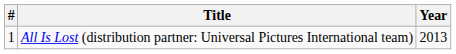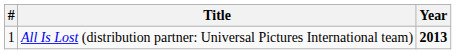 <table class="wikitable">
 <tr>
 <th>#</th>
 <th>Title</th>
 <th>Year</th>
 </tr>
 <tr>
 <td>1</td>
 <td><em><a href='#'>All Is Lost</a></em> (distribution partner: Universal Pictures International team)</td>
-<td>2013</td>
+<td><strong>2013</strong></td>
 </tr>
 </table>
